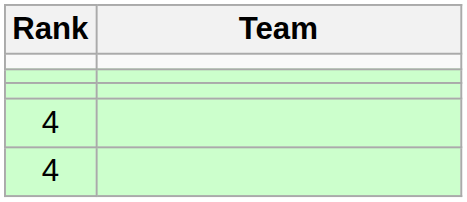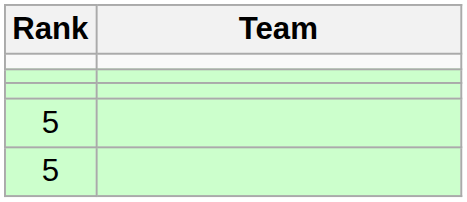 <table class=wikitable style="text-align:center;">
 <tr>
 <th>Rank</th>
 <th width=180>Team</th>
 </tr>
 <tr>
 <td></td>
 <td align=left></td>
 </tr>
 <tr bgcolor=#CCFFCC>
 <td></td>
 <td align=left></td>
 </tr>
 <tr bgcolor=#CCFFCC>
 <td></td>
 <td align=left></td>
 </tr>
 <tr bgcolor=#CCFFCC>
-<td>4</td>
+<td>5</td>
 <td align=left></td>
 </tr>
 <tr bgcolor=#CCFFCC>
-<td>4</td>
+<td>5</td>
 <td align=left></td>
 </tr>
 </table>
